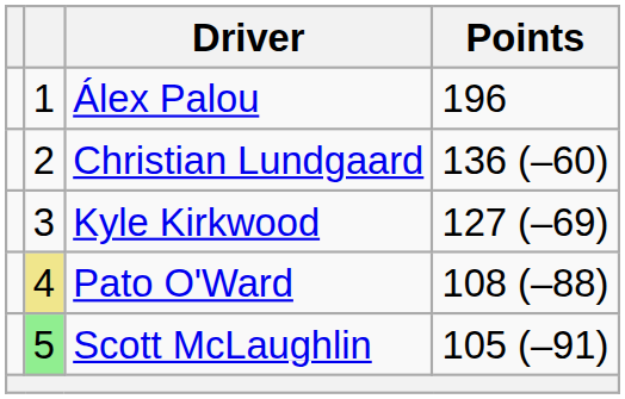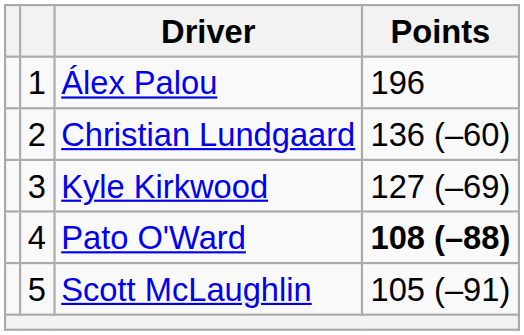 <table class="wikitable" style="font-size: 95%;">
 <tr>
 <th scope="col"></th>
 <th scope="col"></th>
 <th scope="col">Driver</th>
 <th scope="col">Points</th>
 </tr>
 <tr>
 <td align="left"></td>
 <td align="center">1</td>
 <td> <a href='#'>Álex Palou</a></td>
 <td align="left">196</td>
 </tr>
 <tr>
 <td align="left"></td>
 <td align="center">2</td>
 <td> <a href='#'>Christian Lundgaard</a></td>
 <td align="left">136 (–60)</td>
 </tr>
 <tr>
 <td align="left"></td>
 <td align="center">3</td>
 <td> <a href='#'>Kyle Kirkwood</a></td>
 <td align="left">127 (–69)</td>
 </tr>
 <tr>
 <td align="left"></td>
-<td align="center" style="background: khaki;">4</td>
+<td align="center">4</td>
 <td> <a href='#'>Pato O'Ward</a></td>
-<td align="left">108 (–88)</td>
+<td align="left"><strong>108 (–88)</strong></td>
 </tr>
 <tr>
 <td align="left"></td>
-<td align="center" style="background: lightgreen;">5</td>
+<td align="center">5</td>
 <td> <a href='#'>Scott McLaughlin</a></td>
 <td align="left">105 (–91)</td>
 </tr>
 <tr>
 <th colspan=4></th>
 </tr>
 </table>
